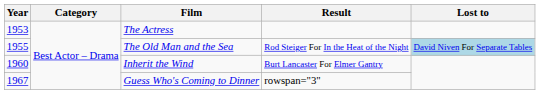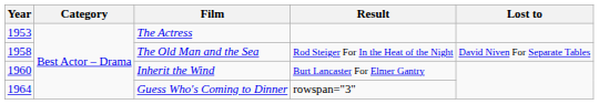 <table class="wikitable plainrowheaders sortable">
 <tr>
 <th>Year</th>
 <th>Category</th>
 <th>Film</th>
 <th>Result</th>
 <th>Lost to</th>
 </tr>
 <tr>
 <td><a href='#'>1953</a></td>
 <td rowspan="4"><a href='#'>Best Actor – Drama</a></td>
 <td><em><a href='#'>The Actress</a></em></td>
 <td></td>
 <td><small></small></td>
 </tr>
 <tr>
-<td><a href='#'>1955</a></td>
+<td><a href='#'>1958</a></td>
 <td><em><a href='#'>The Old Man and the Sea</a></em></td>
 <td><small><a href='#'>Rod Steiger</a> For <a href='#'>In the Heat of the Night</a></small></td>
-<td style="background: lightblue;"><small><a href='#'>David Niven</a> For <a href='#'>Separate Tables</a></small></td>
+<td><small><a href='#'>David Niven</a> For <a href='#'>Separate Tables</a></small></td>
 </tr>
 <tr>
 <td><a href='#'>1960</a></td>
 <td><em><a href='#'>Inherit the Wind</a></em></td>
 <td><small><a href='#'>Burt Lancaster</a> For <a href='#'>Elmer Gantry</a></small></td>
 </tr>
 <tr>
-<td><a href='#'>1967</a></td>
+<td><a href='#'>1964</a></td>
 <td><em><a href='#'>Guess Who's Coming to Dinner</a></em></td>
 <td>rowspan="3"</td>
 </tr>
 </table>
